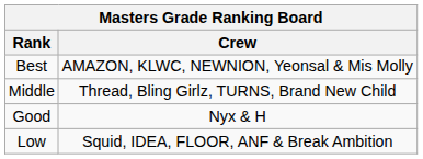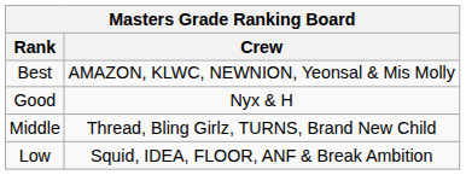 <table class="wikitable mw-collapsible mw-collapsed" style="text-align:center; font-size:90%">
 <tr style="text-align:left|">
 <th colspan="2">Masters Grade Ranking Board</th>
 </tr>
 <tr>
 <th>Rank</th>
 <th>Crew</th>
 </tr>
 <tr>
 <td>Best</td>
 <td>AMAZON, KLWC, NEWNION, Yeonsal & Mis Molly</td>
 </tr>
 <tr>
+<td>Good</td>
+<td>Nyx & H</td>
+</tr>
+<tr>
 <td>Middle</td>
 <td>Thread, Bling Girlz, TURNS, Brand New Child</td>
-</tr>
-<tr>
-<td>Good</td>
-<td>Nyx & H</td>
 </tr>
 <tr>
 <td>Low</td>
 <td>Squid, IDEA, FLOOR, ANF & Break Ambition</td>
 </tr>
 </table>
